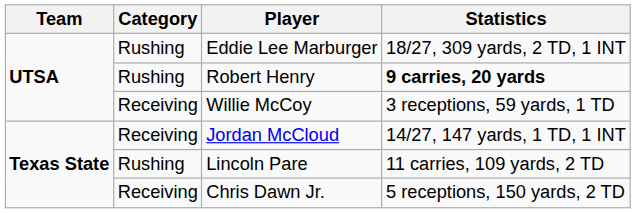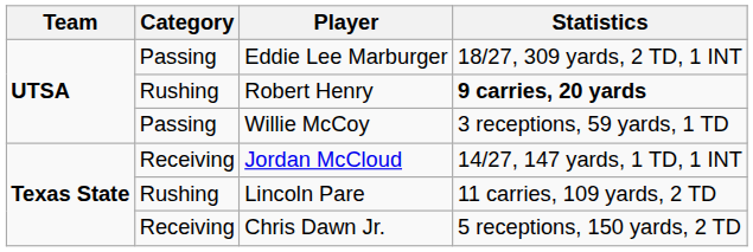 <table class="wikitable" style="float: right;">
 <tr>
 <th>Team</th>
 <th>Category</th>
 <th>Player</th>
 <th>Statistics</th>
 </tr>
 <tr>
 <td rowspan=3><strong>UTSA</strong></td>
-<td>Rushing</td>
+<td>Passing</td>
 <td>Eddie Lee Marburger</td>
 <td>18/27, 309 yards, 2 TD, 1 INT</td>
 </tr>
 <tr>
 <td>Rushing</td>
 <td>Robert Henry</td>
 <td><strong>9 carries, 20 yards</strong></td>
 </tr>
 <tr>
-<td>Receiving</td>
+<td>Passing</td>
 <td>Willie McCoy</td>
 <td>3 receptions, 59 yards, 1 TD</td>
 </tr>
 <tr>
 <td rowspan=3><strong>Texas State</strong></td>
 <td>Receiving</td>
 <td><a href='#'>Jordan McCloud</a></td>
 <td>14/27, 147 yards, 1 TD, 1 INT</td>
 </tr>
 <tr>
 <td>Rushing</td>
 <td>Lincoln Pare</td>
 <td>11 carries, 109 yards, 2 TD</td>
 </tr>
 <tr>
 <td>Receiving</td>
 <td>Chris Dawn Jr.</td>
 <td>5 receptions, 150 yards, 2 TD</td>
 </tr>
 </table>
